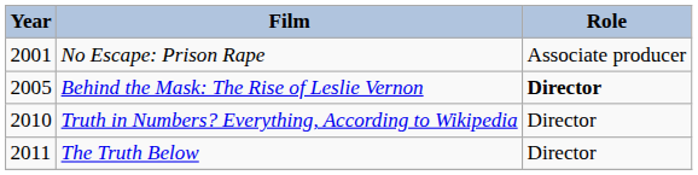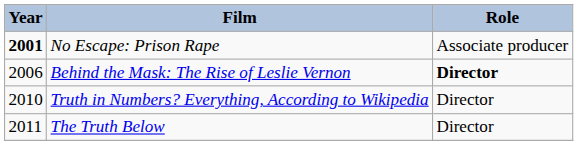 <table class="wikitable">
 <tr>
 <th style="background:#B0C4DE;">Year</th>
 <th style="background:#B0C4DE;">Film</th>
 <th style="background:#B0C4DE;">Role</th>
 </tr>
 <tr>
-<td>2001</td>
+<td><strong>2001</strong></td>
 <td><em>No Escape: Prison Rape</em></td>
 <td>Associate producer</td>
 </tr>
 <tr>
-<td>2005</td>
+<td>2006</td>
 <td><em><a href='#'>Behind the Mask: The Rise of Leslie Vernon</a></em></td>
 <td><strong>Director</strong></td>
 </tr>
 <tr>
 <td>2010</td>
 <td><em><a href='#'>Truth in Numbers? Everything, According to Wikipedia</a></em></td>
 <td>Director</td>
 </tr>
 <tr>
 <td>2011</td>
 <td><em><a href='#'>The Truth Below</a></em></td>
 <td>Director</td>
 </tr>
 <tr>
 </tr>
 </table>
